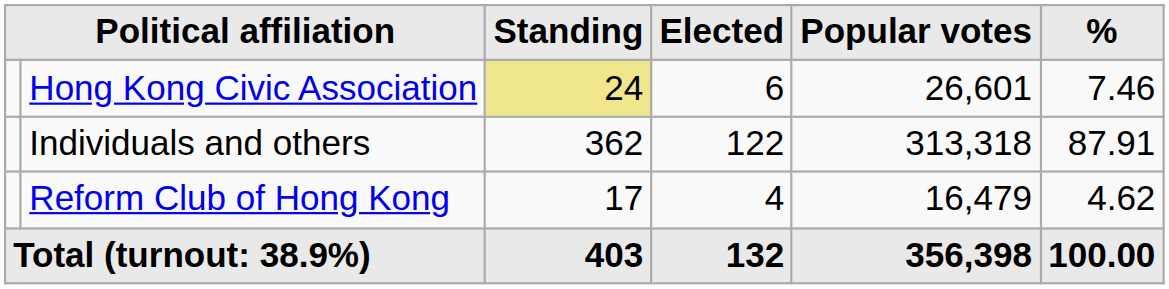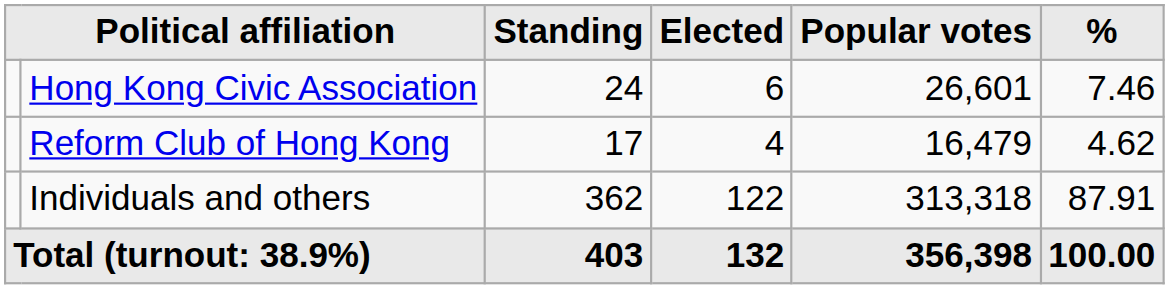 <table class="wikitable">
 <tr>
 <th style="background-color:#E9E9E9" align=center colspan=2>Political affiliation</th>
 <th style="background-color:#E9E9E9" align=center>Standing</th>
 <th style="background-color:#E9E9E9" align=center>Elected</th>
 <th style="background-color:#E9E9E9" align=center>Popular votes</th>
 <th style="background-color:#E9E9E9" align=center>%</th>
 </tr>
 <tr align=right>
 <td style="background-color:"></td>
 <td align=left><a href='#'>Hong Kong Civic Association</a></td>
-<td style="background: khaki;">24</td>
+<td>24</td>
 <td>6</td>
 <td>26,601</td>
 <td>7.46</td>
+</tr>
+<tr align=right>
+<td style="background-color:"></td>
+<td align=left><a href='#'>Reform Club of Hong Kong</a></td>
+<td>17</td>
+<td>4</td>
+<td>16,479</td>
+<td>4.62</td>
 </tr>
 <tr align=right>
 <td style="background-color:"></td>
 <td align=left>Individuals and others</td>
 <td>362</td>
 <td>122</td>
 <td>313,318</td>
 <td>87.91</td>
 </tr>
 <tr align=right>
-<td style="background-color:"></td>
-<td align=left><a href='#'>Reform Club of Hong Kong</a></td>
-<td>17</td>
-<td>4</td>
-<td>16,479</td>
-<td>4.62</td>
-</tr>
-<tr align=right>
 <td align=left style="background-color:#E9E9E9" colspan="2"><strong>Total (turnout: 38.9%)</strong></td>
 <td align="right" style="background-color:#E9E9E9"><strong>403</strong></td>
 <td align="right" style="background-color:#E9E9E9"><strong>132</strong></td>
 <td align="right" style="background-color:#E9E9E9"><strong>356,398</strong></td>
 <td align="right" style="background-color:#E9E9E9"><strong>100.00</strong></td>
 </tr>
 </table>
